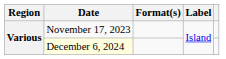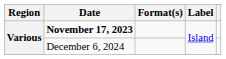 <table class="wikitable plainrowheaders">
 <tr>
 <th scope="col">Region</th>
 <th scope="col">Date</th>
 <th scope="col">Format(s)</th>
 <th scope="col">Label</th>
 <th scope="col"></th>
 </tr>
 <tr>
 <th scope="row" rowspan="2">Various</th>
-<td>November 17, 2023</td>
+<td><strong>November 17, 2023</strong></td>
 <td></td>
 <td rowspan="2"><a href='#'>Island</a></td>
 <td style="text-align:center;"></td>
 </tr>
 <tr>
-<td style="background: lightyellow;">December 6, 2024</td>
+<td>December 6, 2024</td>
 <td></td>
 <td style="text-align:center;"></td>
 </tr>
 </table>
